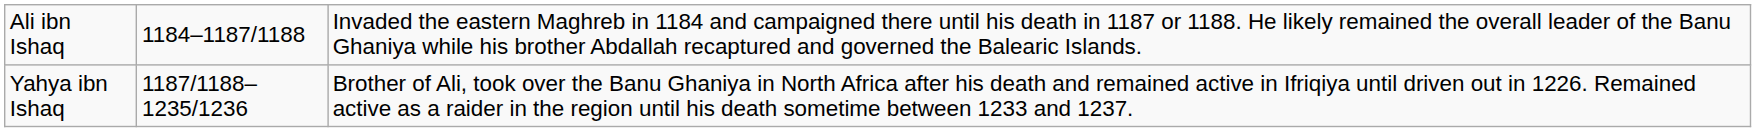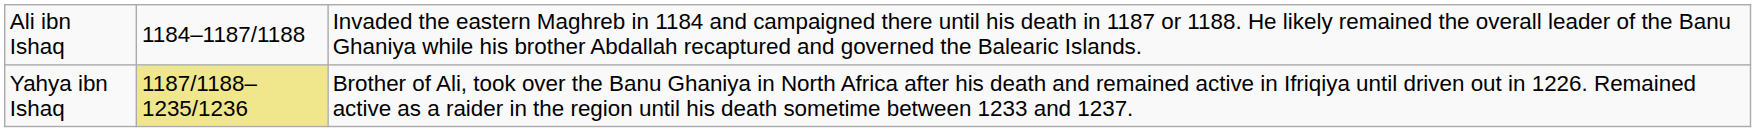 <table class="wikitable">
 <tr>
 <td>Ali ibn Ishaq</td>
 <td>1184–1187/1188</td>
 <td>Invaded the eastern Maghreb in 1184 and campaigned there until his death in 1187 or 1188. He likely remained the overall leader of the Banu Ghaniya while his brother Abdallah recaptured and governed the Balearic Islands.</td>
 </tr>
 <tr>
 <td>Yahya ibn Ishaq</td>
-<td>1187/1188–1235/1236</td>
+<td style="background: khaki;">1187/1188–1235/1236</td>
 <td>Brother of Ali, took over the Banu Ghaniya in North Africa after his death and remained active in Ifriqiya until driven out in 1226. Remained active as a raider in the region until his death sometime between 1233 and 1237.</td>
 </tr>
 </table>
